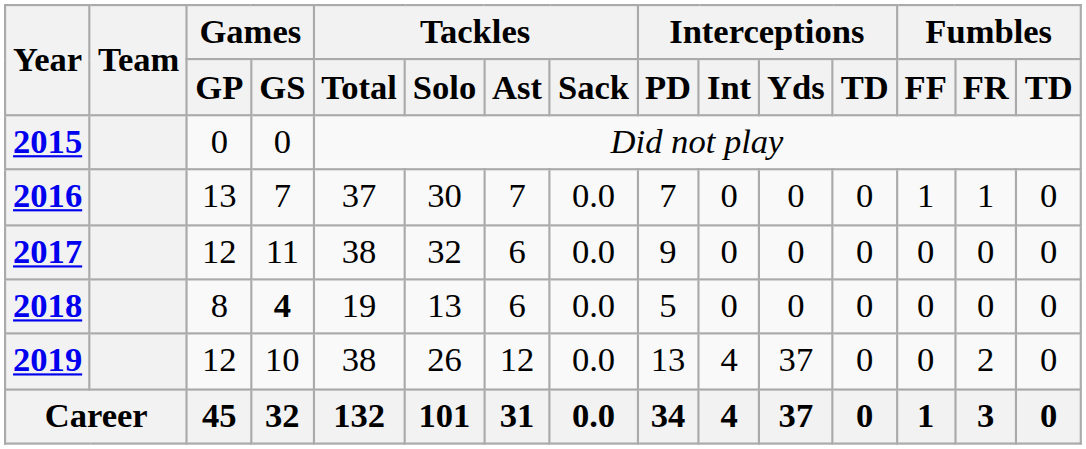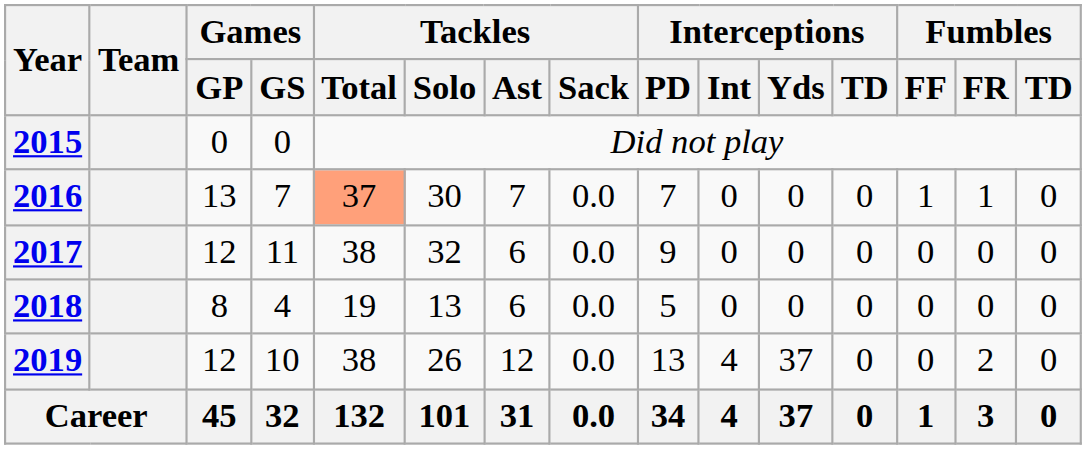 <table class="wikitable" style="text-align:center;">
 <tr>
 <th rowspan="2">Year</th>
 <th rowspan="2">Team</th>
 <th colspan="2">Games</th>
 <th colspan="4">Tackles</th>
 <th colspan="4">Interceptions</th>
 <th colspan="3">Fumbles</th>
 </tr>
 <tr>
 <th>GP</th>
 <th>GS</th>
 <th>Total</th>
 <th>Solo</th>
 <th>Ast</th>
 <th>Sack</th>
 <th>PD</th>
 <th>Int</th>
 <th>Yds</th>
 <th>TD</th>
 <th>FF</th>
 <th>FR</th>
 <th>TD</th>
 </tr>
 <tr>
 <th><a href='#'>2015</a></th>
 <th><a href='#'></a></th>
 <td>0</td>
 <td>0</td>
 <td colspan="11"><em>Did not play</em></td>
 </tr>
 <tr>
 <th><a href='#'>2016</a></th>
 <th><a href='#'></a></th>
 <td>13</td>
 <td>7</td>
-<td>37</td>
+<td style="background: lightsalmon;">37</td>
 <td>30</td>
 <td>7</td>
 <td>0.0</td>
 <td>7</td>
 <td>0</td>
 <td>0</td>
 <td>0</td>
 <td>1</td>
 <td>1</td>
 <td>0</td>
 </tr>
 <tr>
 <th><a href='#'>2017</a></th>
 <th><a href='#'></a></th>
 <td>12</td>
 <td>11</td>
 <td>38</td>
 <td>32</td>
 <td>6</td>
 <td>0.0</td>
 <td>9</td>
 <td>0</td>
 <td>0</td>
 <td>0</td>
 <td>0</td>
 <td>0</td>
 <td>0</td>
 </tr>
 <tr>
 <th><a href='#'>2018</a></th>
 <th><a href='#'></a></th>
 <td>8</td>
-<td><strong>4</strong></td>
+<td>4</td>
 <td>19</td>
 <td>13</td>
 <td>6</td>
 <td>0.0</td>
 <td>5</td>
 <td>0</td>
 <td>0</td>
 <td>0</td>
 <td>0</td>
 <td>0</td>
 <td>0</td>
 </tr>
 <tr>
 <th><a href='#'>2019</a></th>
 <th><a href='#'></a></th>
 <td>12</td>
 <td>10</td>
 <td>38</td>
 <td>26</td>
 <td>12</td>
 <td>0.0</td>
 <td>13</td>
 <td>4</td>
 <td>37</td>
 <td>0</td>
 <td>0</td>
 <td>2</td>
 <td>0</td>
 </tr>
 <tr>
 <th align=center colspan="2">Career</th>
 <th>45</th>
 <th>32</th>
 <th>132</th>
 <th>101</th>
 <th>31</th>
 <th>0.0</th>
 <th>34</th>
 <th>4</th>
 <th>37</th>
 <th>0</th>
 <th>1</th>
 <th>3</th>
 <th>0</th>
 </tr>
 </table>
